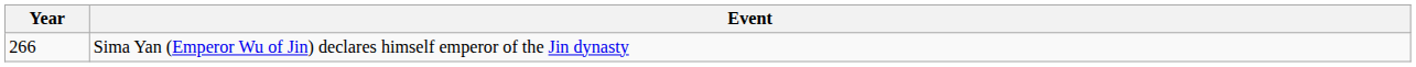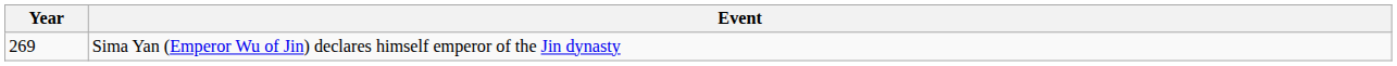 <table class="wikitable" style="width:100%;">
 <tr>
 <th style="width:6%">Year</th>
 <th>Event</th>
 </tr>
 <tr>
-<td>266</td>
+<td>269</td>
 <td>Sima Yan (<a href='#'>Emperor Wu of Jin</a>) declares himself emperor of the <a href='#'>Jin dynasty</a></td>
 </tr>
 </table>
